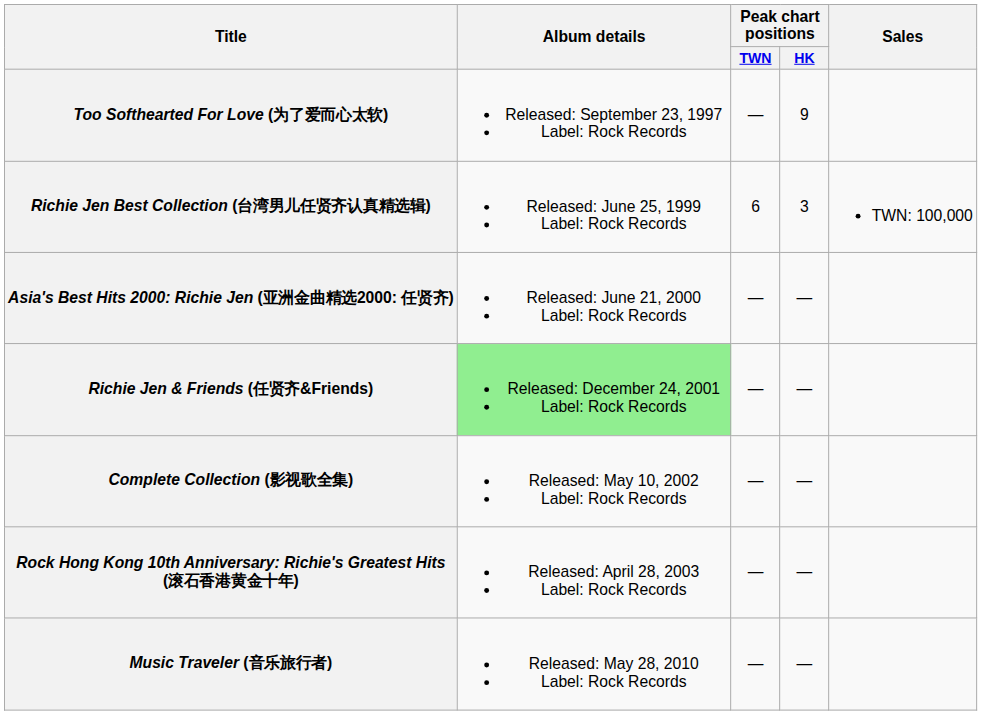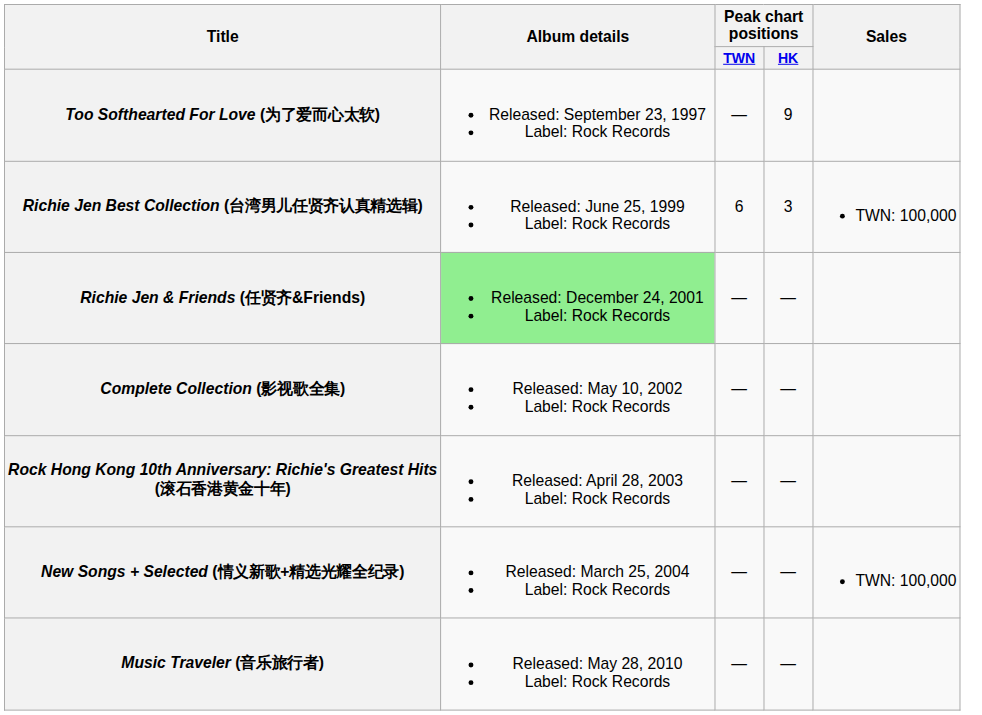 <table class="wikitable plainrowheaders" style="text-align:center;">
 <tr>
 <th rowspan="2">Title</th>
 <th rowspan="2" style="width:17em">Album details</th>
 <th colspan="2">Peak chart positions</th>
 <th rowspan="2" scope="col">Sales</th>
 </tr>
 <tr>
 <th scope="col" style="width:3em;font-size:90%;"><a href='#'>TWN</a><br></th>
 <th scope="col" style="width:3em;font-size:90%;"><a href='#'>HK</a><br></th>
 </tr>
 <tr>
 <th scope="row"><em>Too Softhearted For Love</em> (为了爱而心太软)</th>
 <td><br><ul><li>Released: September 23, 1997</li><li>Label: Rock Records</li></ul></td>
 <td>—</td>
 <td>9</td>
 <td></td>
 </tr>
 <tr>
 <th scope="row"><em>Richie Jen Best Collection</em> (台湾男儿任贤齐认真精选辑)</th>
 <td><br><ul><li>Released: June 25, 1999</li><li>Label: Rock Records</li></ul></td>
 <td>6</td>
 <td>3</td>
 <td><br><ul><li>TWN: 100,000</li></ul></td>
 </tr>
 <tr>
-<th scope="row"><em>Asia's Best Hits 2000: Richie Jen</em> (亚洲金曲精选2000: 任贤齐)</th>
-<td><br><ul><li>Released: June 21, 2000</li><li>Label: Rock Records</li></ul></td>
-<td>—</td>
-<td>—</td>
-<td></td>
-</tr>
-<tr>
 <th scope="row"><em>Richie Jen & Friends</em> (任贤齐&Friends)</th>
 <td style="background: lightgreen;"><br><ul><li>Released: December 24, 2001</li><li>Label: Rock Records</li></ul></td>
 <td>—</td>
 <td>—</td>
 <td></td>
 </tr>
 <tr>
 <th scope="row"><em>Complete Collection</em> (影视歌全集)</th>
 <td><br><ul><li>Released: May 10, 2002</li><li>Label: Rock Records</li></ul></td>
 <td>—</td>
 <td>—</td>
 <td></td>
 </tr>
 <tr>
 <th scope="row"><em>Rock Hong Kong 10th Anniversary: Richie's Greatest Hits</em><br>(滚石香港黄金十年)</th>
 <td><br><ul><li>Released: April 28, 2003</li><li>Label: Rock Records</li></ul></td>
 <td>—</td>
 <td>—</td>
 <td></td>
 </tr>
 <tr>
+<th scope="row"><em>New Songs + Selected</em> (情义新歌+精选光耀全纪录)</th>
+<td><br><ul><li>Released: March 25, 2004</li><li>Label: Rock Records</li></ul></td>
+<td>—</td>
+<td>—</td>
+<td><br><ul><li>TWN: 100,000</li></ul></td>
+</tr>
+<tr>
 <th scope="row"><em>Music Traveler</em> (音乐旅行者)</th>
 <td><br><ul><li>Released: May 28, 2010</li><li>Label: Rock Records</li></ul></td>
 <td>—</td>
 <td>—</td>
 <td></td>
 </tr>
 </table>
